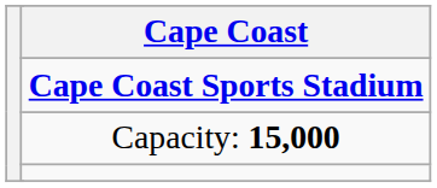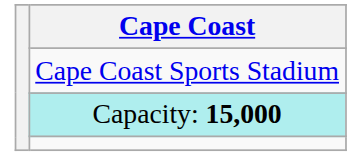 <table class="wikitable" style="margin:1em auto; text-align:center">
 <tr>
 <th rowspan="8" colspan="2"></th>
 <th><a href='#'>Cape Coast</a></th>
 </tr>
 <tr>
-<td><strong><a href='#'>Cape Coast Sports Stadium</a></strong></td>
+<td><a href='#'>Cape Coast Sports Stadium</a></td>
 </tr>
 <tr>
-<td>Capacity: <strong>15,000</strong></td>
+<td style="background: paleturquoise;">Capacity: <strong>15,000</strong></td>
 </tr>
 <tr>
 <td></td>
 </tr>
 </table>
